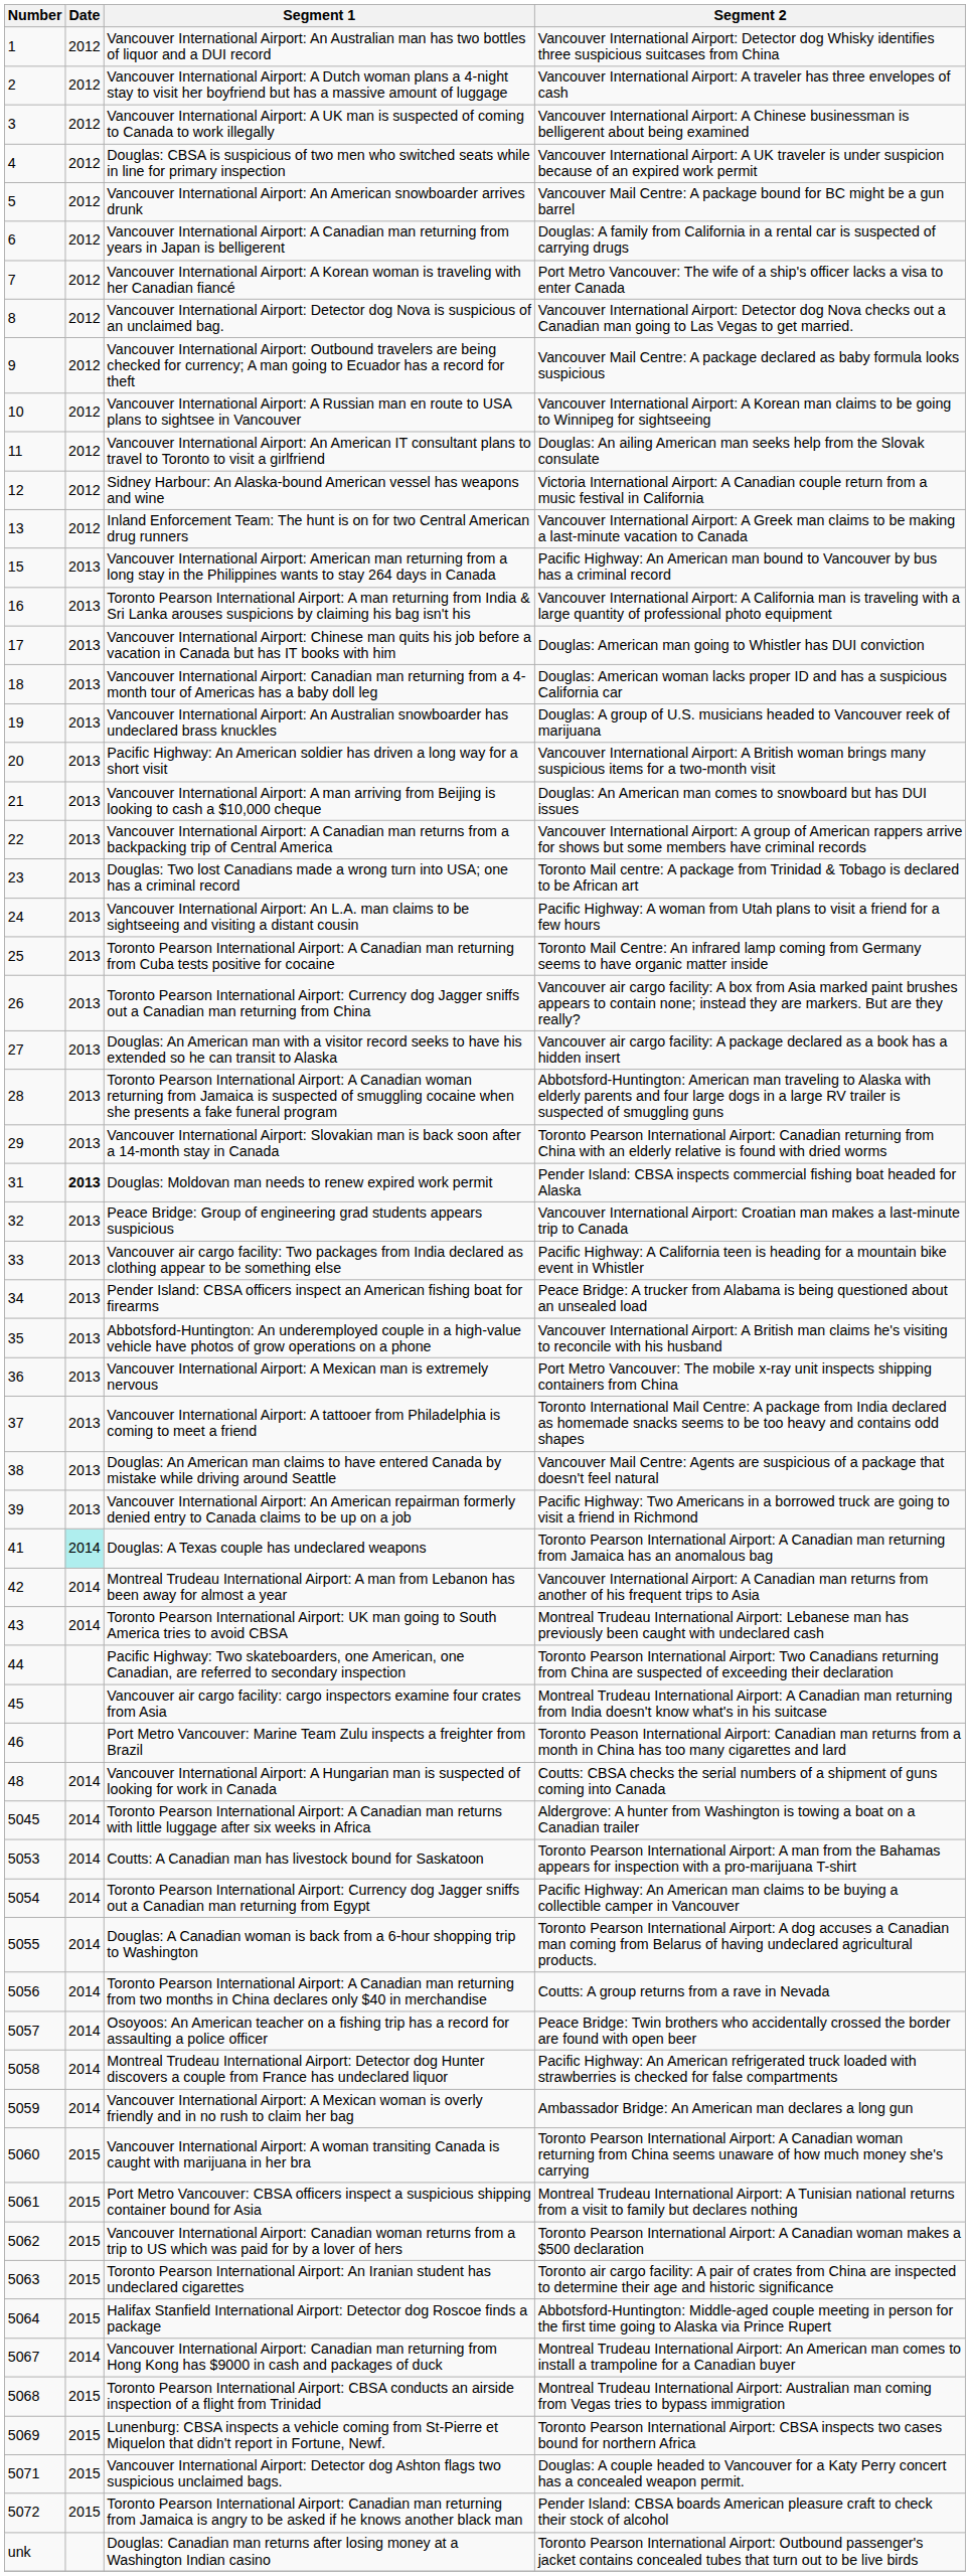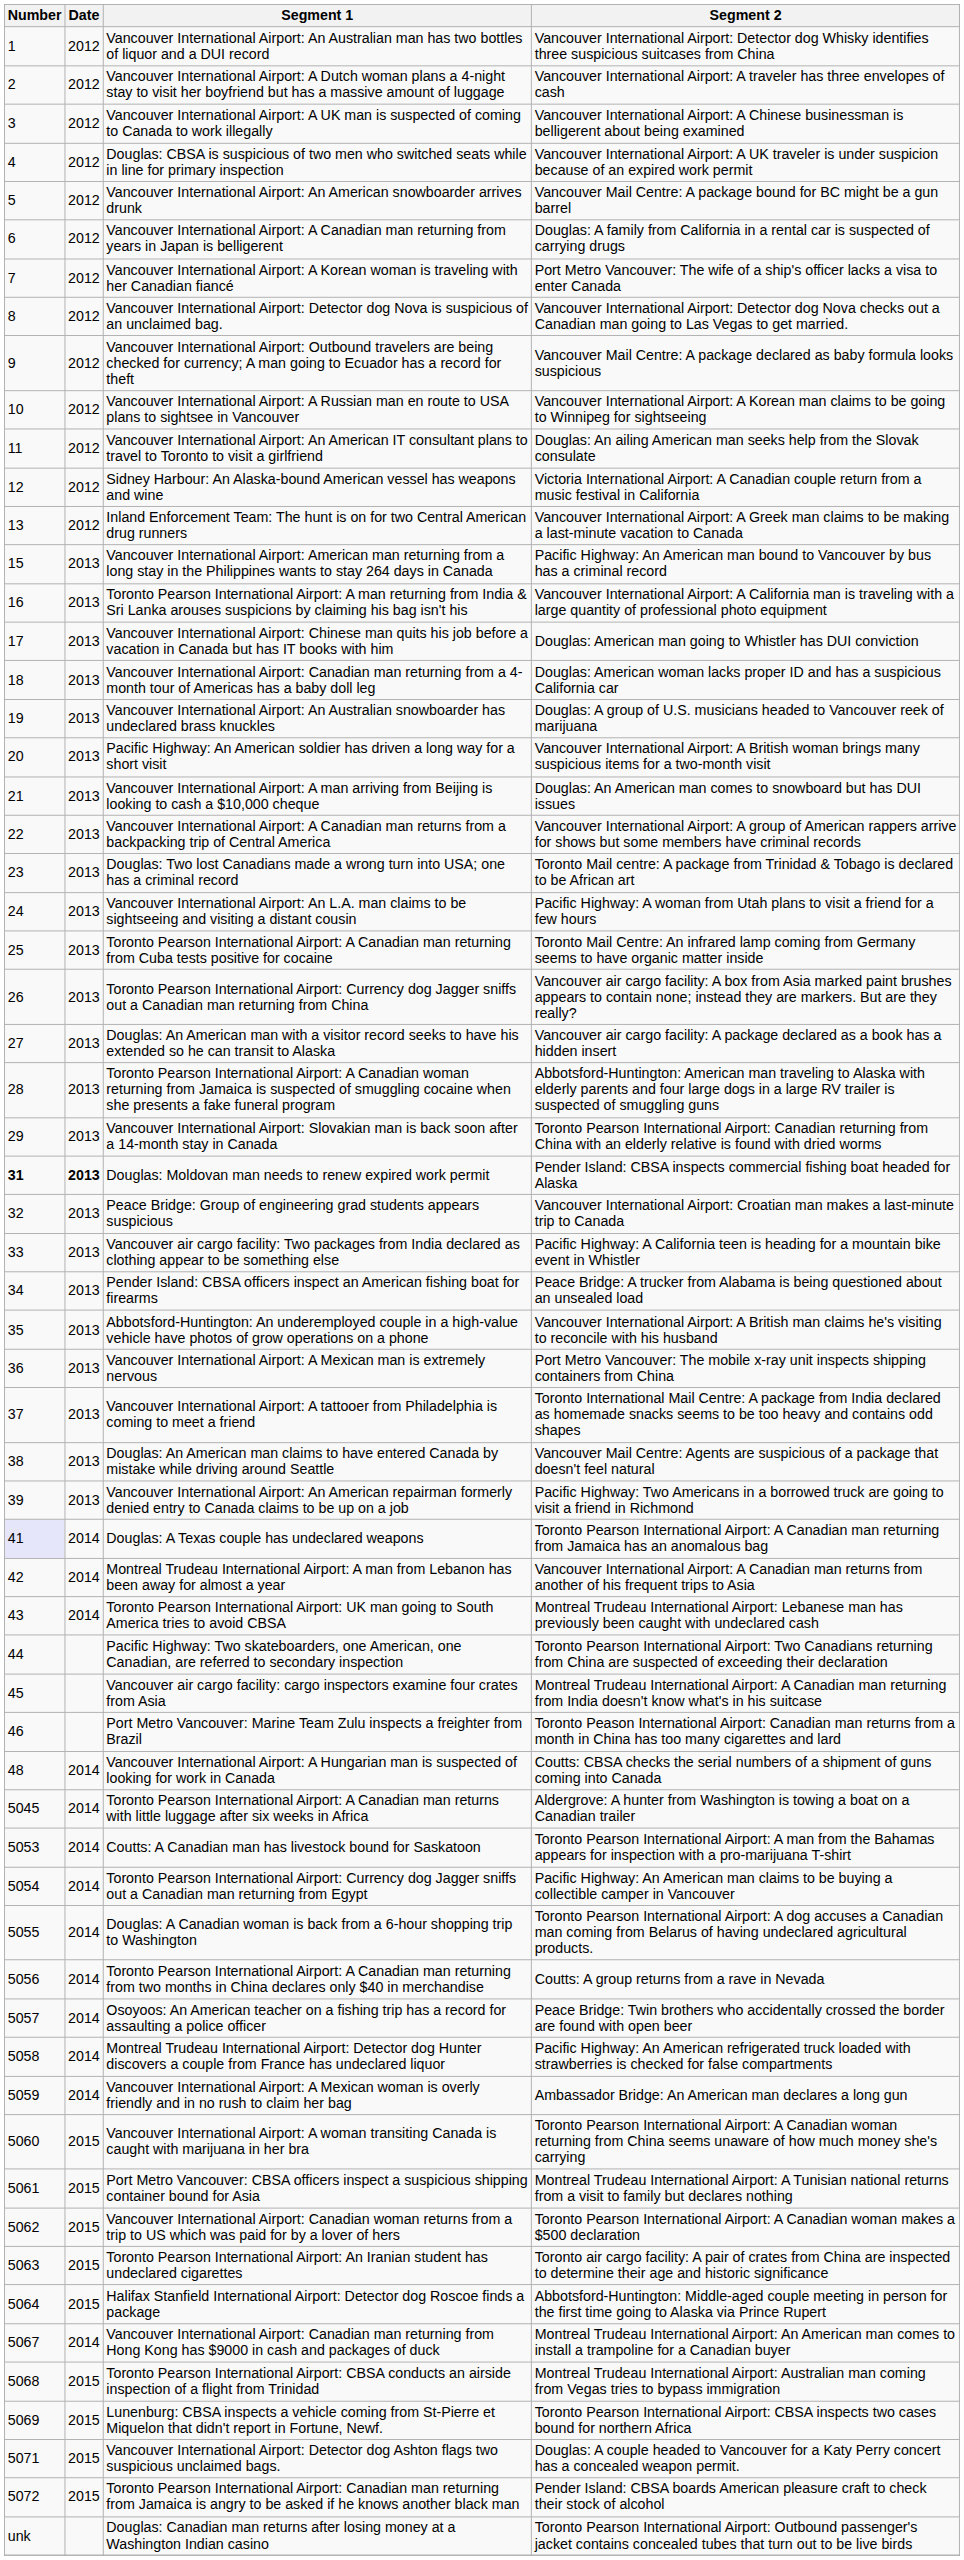 <table class="wikitable" style="width: 85%;">
 <tr>
 <th scope="col">Number</th>
 <th scope="col">Date</th>
 <th scope="col" style="width: 45%;">Segment 1</th>
 <th scope="col" style="width: 45%;">Segment 2</th>
 </tr>
 <tr>
 <td>1</td>
 <td>2012</td>
 <td>Vancouver International Airport: An Australian man has two bottles of liquor and a DUI record</td>
 <td>Vancouver International Airport: Detector dog Whisky identifies three suspicious suitcases from China</td>
 </tr>
 <tr>
 <td>2</td>
 <td>2012</td>
 <td>Vancouver International Airport: A Dutch woman plans a 4-night stay to visit her boyfriend but has a massive amount of luggage</td>
 <td>Vancouver International Airport: A traveler has three envelopes of cash</td>
 </tr>
 <tr>
 <td>3</td>
 <td>2012</td>
 <td>Vancouver International Airport: A UK man is suspected of coming to Canada to work illegally</td>
 <td>Vancouver International Airport: A Chinese businessman is belligerent about being examined</td>
 </tr>
 <tr>
 <td>4</td>
 <td>2012</td>
 <td>Douglas: CBSA is suspicious of two men who switched seats while in line for primary inspection</td>
 <td>Vancouver International Airport: A UK traveler is under suspicion because of an expired work permit</td>
 </tr>
 <tr>
 <td>5</td>
 <td>2012</td>
 <td>Vancouver International Airport: An American snowboarder arrives drunk</td>
 <td>Vancouver Mail Centre: A package bound for BC might be a gun barrel</td>
 </tr>
 <tr>
 <td>6</td>
 <td>2012</td>
 <td>Vancouver International Airport: A Canadian man returning from years in Japan is belligerent</td>
 <td>Douglas: A family from California in a rental car is suspected of carrying drugs</td>
 </tr>
 <tr>
 <td>7</td>
 <td>2012</td>
 <td>Vancouver International Airport: A Korean woman is traveling with her Canadian fiancé</td>
 <td>Port Metro Vancouver: The wife of a ship's officer lacks a visa to enter Canada</td>
 </tr>
 <tr>
 <td>8</td>
 <td>2012</td>
 <td>Vancouver International Airport: Detector dog Nova is suspicious of an unclaimed bag.</td>
 <td>Vancouver International Airport: Detector dog Nova checks out a Canadian man going to Las Vegas to get married.</td>
 </tr>
 <tr>
 <td>9</td>
 <td>2012</td>
 <td>Vancouver International Airport: Outbound travelers are being checked for currency; A man going to Ecuador has a record for theft</td>
 <td>Vancouver Mail Centre: A package declared as baby formula looks suspicious</td>
 </tr>
 <tr>
 <td>10</td>
 <td>2012</td>
 <td>Vancouver International Airport: A Russian man en route to USA plans to sightsee in Vancouver</td>
 <td>Vancouver International Airport: A Korean man claims to be going to Winnipeg for sightseeing</td>
 </tr>
 <tr>
 <td>11</td>
 <td>2012</td>
 <td>Vancouver International Airport: An American IT consultant plans to travel to Toronto to visit a girlfriend</td>
 <td>Douglas: An ailing American man seeks help from the Slovak consulate</td>
 </tr>
 <tr>
 <td>12</td>
 <td>2012</td>
 <td>Sidney Harbour: An Alaska-bound American vessel has weapons and wine</td>
 <td>Victoria International Airport: A Canadian couple return from a music festival in California</td>
 </tr>
 <tr>
 <td>13</td>
 <td>2012</td>
 <td>Inland Enforcement Team: The hunt is on for two Central American drug runners</td>
 <td>Vancouver International Airport: A Greek man claims to be making a last-minute vacation to Canada</td>
 </tr>
 <tr>
 <td>15</td>
 <td>2013</td>
 <td>Vancouver International Airport: American man returning from a long stay in the Philippines wants to stay 264 days in Canada</td>
 <td>Pacific Highway: An American man bound to Vancouver by bus has a criminal record</td>
 </tr>
 <tr>
 <td>16</td>
 <td>2013</td>
 <td>Toronto Pearson International Airport: A man returning from India & Sri Lanka arouses suspicions by claiming his bag isn't his</td>
 <td>Vancouver International Airport: A California man is traveling with a large quantity of professional photo equipment</td>
 </tr>
 <tr>
 <td>17</td>
 <td>2013</td>
 <td>Vancouver International Airport: Chinese man quits his job before a vacation in Canada but has IT books with him</td>
 <td>Douglas: American man going to Whistler has DUI conviction</td>
 </tr>
 <tr>
 <td>18</td>
 <td>2013</td>
 <td>Vancouver International Airport: Canadian man returning from a 4-month tour of Americas has a baby doll leg</td>
 <td>Douglas: American woman lacks proper ID and has a suspicious California car</td>
 </tr>
 <tr>
 <td>19</td>
 <td>2013</td>
 <td>Vancouver International Airport: An Australian snowboarder has undeclared brass knuckles</td>
 <td>Douglas: A group of U.S. musicians headed to Vancouver reek of marijuana</td>
 </tr>
 <tr>
 <td>20</td>
 <td>2013</td>
 <td>Pacific Highway: An American soldier has driven a long way for a short visit</td>
 <td>Vancouver International Airport: A British woman brings many suspicious items for a two-month visit</td>
 </tr>
 <tr>
 <td>21</td>
 <td>2013</td>
 <td>Vancouver International Airport: A man arriving from Beijing is looking to cash a $10,000 cheque</td>
 <td>Douglas: An American man comes to snowboard but has DUI issues</td>
 </tr>
 <tr>
 <td>22</td>
 <td>2013</td>
 <td>Vancouver International Airport: A Canadian man returns from a backpacking trip of Central America</td>
 <td>Vancouver International Airport: A group of American rappers arrive for shows but some members have criminal records</td>
 </tr>
 <tr>
 <td>23</td>
 <td>2013</td>
 <td>Douglas: Two lost Canadians made a wrong turn into USA; one has a criminal record</td>
 <td>Toronto Mail centre: A package from Trinidad & Tobago is declared to be African art</td>
 </tr>
 <tr>
 <td>24</td>
 <td>2013</td>
 <td>Vancouver International Airport: An L.A. man claims to be sightseeing and visiting a distant cousin</td>
 <td>Pacific Highway: A woman from Utah plans to visit a friend for a few hours</td>
 </tr>
 <tr>
 <td>25</td>
 <td>2013</td>
 <td>Toronto Pearson International Airport: A Canadian man returning from Cuba tests positive for cocaine</td>
 <td>Toronto Mail Centre: An infrared lamp coming from Germany seems to have organic matter inside</td>
 </tr>
 <tr>
 <td>26</td>
 <td>2013</td>
 <td>Toronto Pearson International Airport: Currency dog Jagger sniffs out a Canadian man returning from China</td>
 <td>Vancouver air cargo facility: A box from Asia marked paint brushes appears to contain none; instead they are markers. But are they really?</td>
 </tr>
 <tr>
 <td>27</td>
 <td>2013</td>
 <td>Douglas: An American man with a visitor record seeks to have his extended so he can transit to Alaska</td>
 <td>Vancouver air cargo facility: A package declared as a book has a hidden insert</td>
 </tr>
 <tr>
 <td>28</td>
 <td>2013</td>
 <td>Toronto Pearson International Airport: A Canadian woman returning from Jamaica is suspected of smuggling cocaine when she presents a fake funeral program</td>
 <td>Abbotsford-Huntington: American man traveling to Alaska with elderly parents and four large dogs in a large RV trailer is suspected of smuggling guns</td>
 </tr>
 <tr>
 <td>29</td>
 <td>2013</td>
 <td>Vancouver International Airport: Slovakian man is back soon after a 14-month stay in Canada</td>
 <td>Toronto Pearson International Airport: Canadian returning from China with an elderly relative is found with dried worms</td>
 </tr>
 <tr>
-<td>31</td>
+<td><strong>31</strong></td>
 <td><strong>2013</strong></td>
 <td>Douglas: Moldovan man needs to renew expired work permit</td>
 <td>Pender Island: CBSA inspects commercial fishing boat headed for Alaska</td>
 </tr>
 <tr>
 <td>32</td>
 <td>2013</td>
 <td>Peace Bridge: Group of engineering grad students appears suspicious</td>
 <td>Vancouver International Airport: Croatian man makes a last-minute trip to Canada</td>
 </tr>
 <tr>
 <td>33</td>
 <td>2013</td>
 <td>Vancouver air cargo facility: Two packages from India declared as clothing appear to be something else</td>
 <td>Pacific Highway: A California teen is heading for a mountain bike event in Whistler</td>
 </tr>
 <tr>
 <td>34</td>
 <td>2013</td>
 <td>Pender Island: CBSA officers inspect an American fishing boat for firearms</td>
 <td>Peace Bridge: A trucker from Alabama is being questioned about an unsealed load</td>
 </tr>
 <tr>
 <td>35</td>
 <td>2013</td>
 <td>Abbotsford-Huntington: An underemployed couple in a high-value vehicle have photos of grow operations on a phone</td>
 <td>Vancouver International Airport: A British man claims he's visiting to reconcile with his husband</td>
 </tr>
 <tr>
 <td>36</td>
 <td>2013</td>
 <td>Vancouver International Airport: A Mexican man is extremely nervous</td>
 <td>Port Metro Vancouver: The mobile x-ray unit inspects shipping containers from China</td>
 </tr>
 <tr>
 <td>37</td>
 <td>2013</td>
 <td>Vancouver International Airport: A tattooer from Philadelphia is coming to meet a friend</td>
 <td>Toronto International Mail Centre: A package from India declared as homemade snacks seems to be too heavy and contains odd shapes</td>
 </tr>
 <tr>
 <td>38</td>
 <td>2013</td>
 <td>Douglas: An American man claims to have entered Canada by mistake while driving around Seattle</td>
 <td>Vancouver Mail Centre: Agents are suspicious of a package that doesn't feel natural</td>
 </tr>
 <tr>
 <td>39</td>
 <td>2013</td>
 <td>Vancouver International Airport: An American repairman formerly denied entry to Canada claims to be up on a job</td>
 <td>Pacific Highway: Two Americans in a borrowed truck are going to visit a friend in Richmond</td>
 </tr>
 <tr>
-<td>41</td>
-<td style="background: paleturquoise;">2014</td>
+<td style="background: lavender;">41</td>
+<td>2014</td>
 <td>Douglas: A Texas couple has undeclared weapons</td>
 <td>Toronto Pearson International Airport: A Canadian man returning from Jamaica has an anomalous bag</td>
 </tr>
 <tr>
 <td>42</td>
 <td>2014</td>
 <td>Montreal Trudeau International Airport: A man from Lebanon has been away for almost a year</td>
 <td>Vancouver International Airport: A Canadian man returns from another of his frequent trips to Asia</td>
 </tr>
 <tr>
 <td>43</td>
 <td>2014</td>
 <td>Toronto Pearson International Airport: UK man going to South America tries to avoid CBSA</td>
 <td>Montreal Trudeau International Airport: Lebanese man has previously been caught with undeclared cash</td>
 </tr>
 <tr>
 <td>44</td>
 <td></td>
 <td>Pacific Highway: Two skateboarders, one American, one Canadian, are referred to secondary inspection</td>
 <td>Toronto Pearson International Airport: Two Canadians returning from China are suspected of exceeding their declaration</td>
 </tr>
 <tr>
 <td>45</td>
 <td></td>
 <td>Vancouver air cargo facility: cargo inspectors examine four crates from Asia</td>
 <td>Montreal Trudeau International Airport: A Canadian man returning from India doesn't know what's in his suitcase</td>
 </tr>
 <tr>
 <td>46</td>
 <td></td>
 <td>Port Metro Vancouver: Marine Team Zulu inspects a freighter from Brazil</td>
 <td>Toronto Peason International Airport: Canadian man returns from a month in China has too many cigarettes and lard</td>
 </tr>
 <tr>
 <td>48</td>
 <td>2014</td>
 <td>Vancouver International Airport: A Hungarian man is suspected of looking for work in Canada</td>
 <td>Coutts: CBSA checks the serial numbers of a shipment of guns coming into Canada</td>
 </tr>
 <tr>
 <td>5045</td>
 <td>2014</td>
 <td>Toronto Pearson International Airport: A Canadian man returns with little luggage after six weeks in Africa</td>
 <td>Aldergrove: A hunter from Washington is towing a boat on a Canadian trailer</td>
 </tr>
 <tr>
 <td>5053</td>
 <td>2014</td>
 <td>Coutts: A Canadian man has livestock bound for Saskatoon</td>
 <td>Toronto Pearson International Airport: A man from the Bahamas appears for inspection with a pro-marijuana T-shirt</td>
 </tr>
 <tr>
 <td>5054</td>
 <td>2014</td>
 <td>Toronto Pearson International Airport: Currency dog Jagger sniffs out a Canadian man returning from Egypt</td>
 <td>Pacific Highway: An American man claims to be buying a collectible camper in Vancouver</td>
 </tr>
 <tr>
 <td>5055</td>
 <td>2014</td>
 <td>Douglas: A Canadian woman is back from a 6-hour shopping trip to Washington</td>
 <td>Toronto Pearson International Airport: A dog accuses a Canadian man coming from Belarus of having undeclared agricultural products.</td>
 </tr>
 <tr>
 <td>5056</td>
 <td>2014</td>
 <td>Toronto Pearson International Airport: A Canadian man returning from two months in China declares only $40 in merchandise</td>
 <td>Coutts: A group returns from a rave in Nevada</td>
 </tr>
 <tr>
 <td>5057</td>
 <td>2014</td>
 <td>Osoyoos: An American teacher on a fishing trip has a record for assaulting a police officer</td>
 <td>Peace Bridge: Twin brothers who accidentally crossed the border are found with open beer</td>
 </tr>
 <tr>
 <td>5058</td>
 <td>2014</td>
 <td>Montreal Trudeau International Airport: Detector dog Hunter discovers a couple from France has undeclared liquor</td>
 <td>Pacific Highway: An American refrigerated truck loaded with strawberries is checked for false compartments</td>
 </tr>
 <tr>
 <td>5059</td>
 <td>2014</td>
 <td>Vancouver International Airport: A Mexican woman is overly friendly and in no rush to claim her bag</td>
 <td>Ambassador Bridge: An American man declares a long gun</td>
 </tr>
 <tr>
 <td>5060</td>
 <td>2015</td>
 <td>Vancouver International Airport: A woman transiting Canada is caught with marijuana in her bra</td>
 <td>Toronto Pearson International Airport: A Canadian woman returning from China seems unaware of how much money she's carrying</td>
 </tr>
 <tr>
 <td>5061</td>
 <td>2015</td>
 <td>Port Metro Vancouver: CBSA officers inspect a suspicious shipping container bound for Asia</td>
 <td>Montreal Trudeau International Airport: A Tunisian national returns from a visit to family but declares nothing</td>
 </tr>
 <tr>
 <td>5062</td>
 <td>2015</td>
 <td>Vancouver International Airport: Canadian woman returns from a trip to US which was paid for by a lover of hers</td>
 <td>Toronto Pearson International Airport: A Canadian woman makes a $500 declaration</td>
 </tr>
 <tr>
 <td>5063</td>
 <td>2015</td>
 <td>Toronto Pearson International Airport: An Iranian student has undeclared cigarettes</td>
 <td>Toronto air cargo facility: A pair of crates from China are inspected to determine their age and historic significance</td>
 </tr>
 <tr>
 <td>5064</td>
 <td>2015</td>
 <td>Halifax Stanfield International Airport: Detector dog Roscoe finds a package</td>
 <td>Abbotsford-Huntington: Middle-aged couple meeting in person for the first time going to Alaska via Prince Rupert</td>
 </tr>
 <tr>
 <td>5067</td>
 <td>2014</td>
 <td>Vancouver International Airport: Canadian man returning from Hong Kong has $9000 in cash and packages of duck</td>
 <td>Montreal Trudeau International Airport: An American man comes to install a trampoline for a Canadian buyer</td>
 </tr>
 <tr>
 <td>5068</td>
 <td>2015</td>
 <td>Toronto Pearson International Airport: CBSA conducts an airside inspection of a flight from Trinidad</td>
 <td>Montreal Trudeau International Airport: Australian man coming from Vegas tries to bypass immigration</td>
 </tr>
 <tr>
 <td>5069</td>
 <td>2015</td>
 <td>Lunenburg: CBSA inspects a vehicle coming from St-Pierre et Miquelon that didn't report in Fortune, Newf.</td>
 <td>Toronto Pearson International Airport: CBSA inspects two cases bound for northern Africa</td>
 </tr>
 <tr>
 <td>5071</td>
 <td>2015</td>
 <td>Vancouver International Airport: Detector dog Ashton flags two suspicious unclaimed bags.</td>
 <td>Douglas: A couple headed to Vancouver for a Katy Perry concert has a concealed weapon permit.</td>
 </tr>
 <tr>
 <td>5072</td>
 <td>2015</td>
 <td>Toronto Pearson International Airport: Canadian man returning from Jamaica is angry to be asked if he knows another black man</td>
 <td>Pender Island: CBSA boards American pleasure craft to check their stock of alcohol</td>
 </tr>
 <tr>
 <td>unk</td>
 <td></td>
 <td>Douglas: Canadian man returns after losing money at a Washington Indian casino</td>
 <td>Toronto Pearson International Airport: Outbound passenger's jacket contains concealed tubes that turn out to be live birds</td>
 </tr>
 <tr>
 </tr>
 </table>
